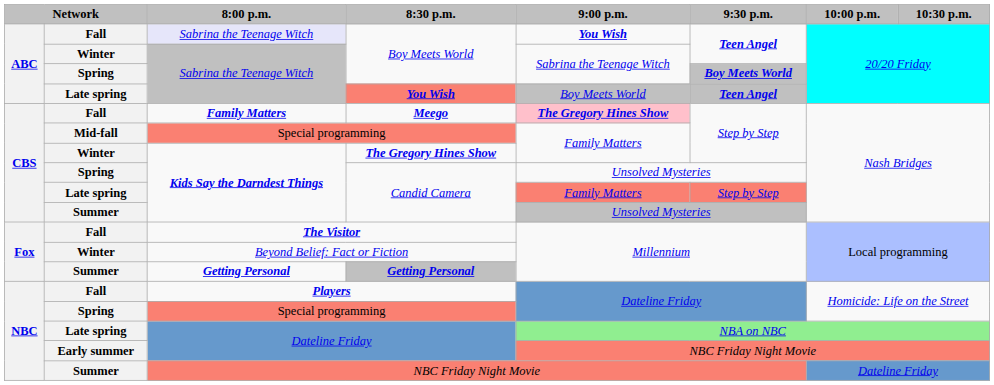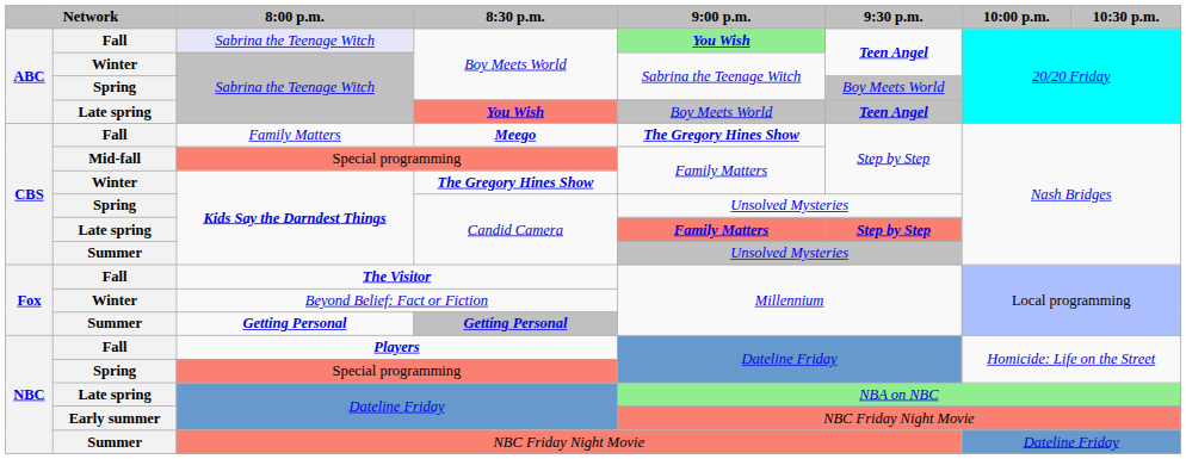 <table class="wikitable" style="width:100%;margin-right:0;text-align:center">
 <tr>
 <th colspan="2" style="background-color:#C0C0C0">Network</th>
 <th style="background-color:#C0C0C0;text-align:center">8:00 p.m.</th>
 <th style="background-color:#C0C0C0;text-align:center">8:30 p.m.</th>
 <th style="background-color:#C0C0C0;text-align:center">9:00 p.m.</th>
 <th style="background-color:#C0C0C0;text-align:center">9:30 p.m.</th>
 <th style="background-color:#C0C0C0;text-align:center">10:00 p.m.</th>
 <th style="background-color:#C0C0C0;text-align:center">10:30 p.m.</th>
 </tr>
 <tr>
 <th rowspan="4"><a href='#'>ABC</a></th>
 <th>Fall</th>
 <td style="background: lavender;"><em><a href='#'>Sabrina the Teenage Witch</a></em></td>
 <td rowspan="3"><em><a href='#'>Boy Meets World</a></em></td>
-<td><strong><em><a href='#'>You Wish</a></em></strong></td>
+<td style="background: lightgreen;"><strong><em><a href='#'>You Wish</a></em></strong></td>
 <td rowspan="2"><strong><em><a href='#'>Teen Angel</a></em></strong></td>
 <td rowspan="4" colspan="2" style="background:cyan;"><em><a href='#'>20/20 Friday</a></em> </td>
 </tr>
 <tr>
 <th>Winter</th>
 <td rowspan="3" style="background:#C0C0C0;"><em><a href='#'>Sabrina the Teenage Witch</a></em>  </td>
 <td rowspan="2"><em><a href='#'>Sabrina the Teenage Witch</a></em></td>
 </tr>
 <tr>
 <th>Spring</th>
-<td style="background:#C0C0C0;"><strong><em><a href='#'>Boy Meets World</a></em>  </strong></td>
+<td style="background:#C0C0C0;"><em><a href='#'>Boy Meets World</a></em>  </td>
 </tr>
 <tr>
 <th>Late spring</th>
 <td style="background:#FA8072;"><strong><em><a href='#'>You Wish</a></em></strong></td>
 <td style="background:#C0C0C0;"><em><a href='#'>Boy Meets World</a></em> </td>
 <td style="background:#C0C0C0;"><strong><em><a href='#'>Teen Angel</a></em></strong> </td>
 </tr>
 <tr>
 <th rowspan="6"><a href='#'>CBS</a></th>
 <th>Fall</th>
-<td><strong><em><a href='#'>Family Matters</a></em></strong></td>
+<td><em><a href='#'>Family Matters</a></em></td>
 <td><strong><em><a href='#'>Meego</a></em></strong></td>
-<td style="background: pink;"><strong><em><a href='#'>The Gregory Hines Show</a></em></strong></td>
+<td><strong><em><a href='#'>The Gregory Hines Show</a></em></strong></td>
 <td rowspan="3"><em><a href='#'>Step by Step</a></em></td>
 <td rowspan="6" colspan="2"><em><a href='#'>Nash Bridges</a></em></td>
 </tr>
 <tr>
 <th>Mid-fall</th>
 <td colspan="2" style="background:#FA8072;">Special programming</td>
 <td rowspan="2"><em><a href='#'>Family Matters</a></em></td>
 </tr>
 <tr>
 <th>Winter</th>
 <td rowspan="4"><strong><em><a href='#'>Kids Say the Darndest Things</a></em></strong></td>
 <td><strong><em><a href='#'>The Gregory Hines Show</a></em></strong></td>
 </tr>
 <tr>
 <th>Spring</th>
 <td rowspan="3"><em><a href='#'>Candid Camera</a></em></td>
 <td colspan="2"><em><a href='#'>Unsolved Mysteries</a></em></td>
 </tr>
 <tr>
 <th>Late spring</th>
-<td style="background:#FA8072;"><em><a href='#'>Family Matters</a></em></td>
-<td style="background:#FA8072;"><em><a href='#'>Step by Step</a></em></td>
+<td style="background:#FA8072;"><strong><em><a href='#'>Family Matters</a></em></strong></td>
+<td style="background:#FA8072;"><strong><em><a href='#'>Step by Step</a></em></strong></td>
 </tr>
 <tr>
 <th>Summer</th>
 <td colspan="2" style="background:#C0C0C0;"><em><a href='#'>Unsolved Mysteries</a></em> </td>
 </tr>
 <tr>
 <th rowspan="3"><a href='#'>Fox</a></th>
 <th>Fall</th>
 <td colspan="2"><strong><em><a href='#'>The Visitor</a></em></strong></td>
 <td rowspan="3" colspan="2"><em><a href='#'>Millennium</a></em></td>
 <td rowspan="3" colspan="2" style="background:#abbfff;">Local programming</td>
 </tr>
 <tr>
 <th>Winter</th>
 <td colspan="2"><em><a href='#'>Beyond Belief: Fact or Fiction</a></em></td>
 </tr>
 <tr>
 <th>Summer</th>
 <td><strong><em><a href='#'>Getting Personal</a></em></strong></td>
 <td style="background:#C0C0C0;"><strong><em><a href='#'>Getting Personal</a></em></strong> </td>
 </tr>
 <tr>
 <th rowspan="5"><a href='#'>NBC</a></th>
 <th>Fall</th>
 <td colspan="2"><strong><em><a href='#'>Players</a></em></strong></td>
 <td colspan="2" rowspan="2" style="background:#6699CC;"><em><a href='#'>Dateline Friday</a></em></td>
 <td colspan="2" rowspan="2"><em><a href='#'>Homicide: Life on the Street</a></em></td>
 </tr>
 <tr>
 <th>Spring</th>
 <td colspan="2" style="background:#FA8072;">Special programming</td>
 </tr>
 <tr>
 <th>Late spring</th>
 <td colspan="2" rowspan="2" style="background:#6699CC;"><em><a href='#'>Dateline Friday</a></em></td>
 <td colspan="4" style="background:lightgreen;"><em><a href='#'>NBA on NBC</a></em></td>
 </tr>
 <tr>
 <th>Early summer</th>
 <td colspan="4" style="background:#FA8072;"><em>NBC Friday Night Movie</em></td>
 </tr>
 <tr>
 <th>Summer</th>
 <td colspan="4" style="background:#FA8072;"><em>NBC Friday Night Movie</em></td>
 <td colspan="2" style="background:#6699CC;"><em><a href='#'>Dateline Friday</a></em></td>
 </tr>
 </table>
